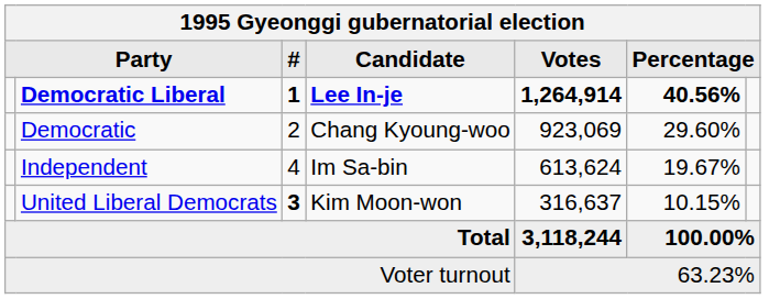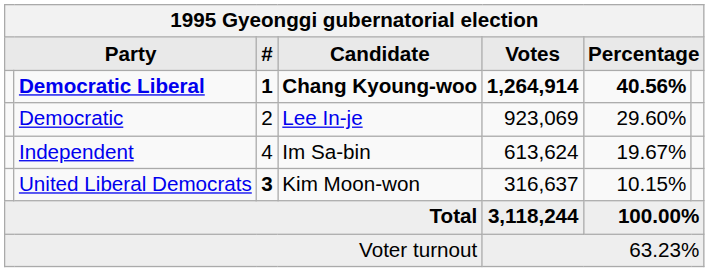 <table class="wikitable">
 <tr>
 <th colspan="7">1995 Gyeonggi gubernatorial election</th>
 </tr>
 <tr>
 <th style="background-color:#E9E9E9" colspan=2>Party</th>
 <th style="background-color:#E9E9E9">#</th>
 <th style="background-color:#E9E9E9">Candidate</th>
 <th style="background-color:#E9E9E9">Votes</th>
 <th style="background-color:#E9E9E9" colspan=2>Percentage</th>
 </tr>
 <tr style="font-weight:bold">
 <td></td>
 <td align=left><a href='#'>Democratic Liberal</a></td>
 <td align=center>1</td>
-<td align=left><a href='#'>Lee In-je</a></td>
+<td align=left>Chang Kyoung-woo</td>
 <td align=right>1,264,914</td>
 <td align=right>40.56%</td>
 <td align=right></td>
 </tr>
 <tr>
 <td></td>
 <td align=left><a href='#'>Democratic</a></td>
 <td align=center>2</td>
-<td align=left>Chang Kyoung-woo</td>
+<td align=left><a href='#'>Lee In-je</a></td>
 <td align=right>923,069</td>
 <td align=right>29.60%</td>
 <td align=right></td>
 </tr>
 <tr>
 <td></td>
 <td align=left><a href='#'>Independent</a></td>
 <td align=center>4</td>
 <td align=left>Im Sa-bin</td>
 <td align=right>613,624</td>
 <td align=right>19.67%</td>
 <td align=right></td>
 </tr>
 <tr>
 <td></td>
 <td align=left><a href='#'>United Liberal Democrats</a></td>
 <td align=center><strong>3</strong></td>
 <td align=left>Kim Moon-won</td>
 <td align=right>316,637</td>
 <td align=right>10.15%</td>
 <td align=right></td>
 </tr>
 <tr bgcolor="#EEEEEE" style="font-weight:bold">
 <td colspan="4" align=right>Total</td>
 <td align=right>3,118,244</td>
 <td align=right colspan=2>100.00%</td>
 </tr>
 <tr bgcolor="#EEEEEE">
 <td colspan="4" align="right">Voter turnout</td>
 <td colspan="3" align="right">63.23%</td>
 </tr>
 </table>
